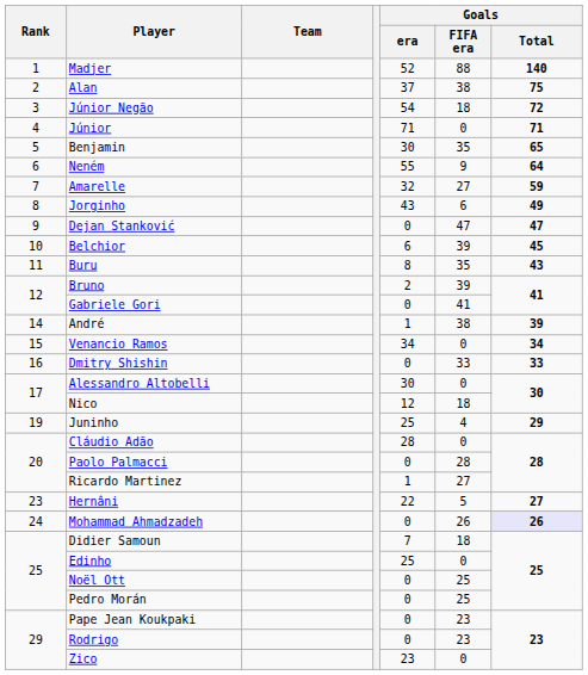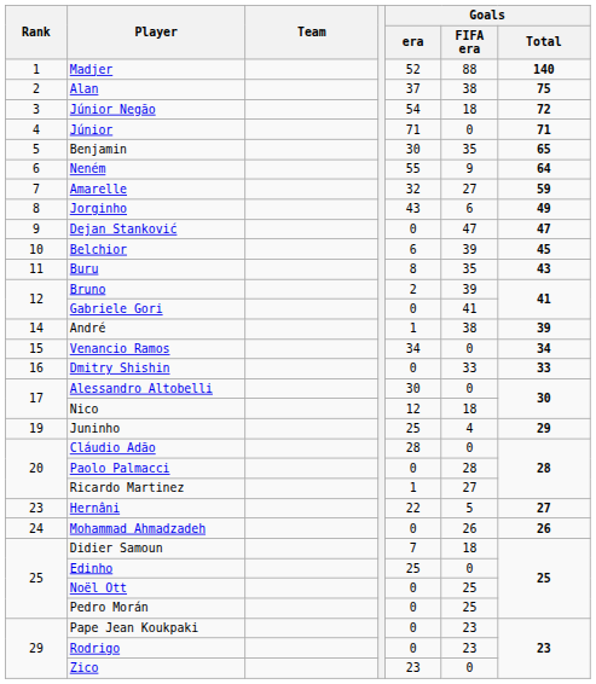 <table class="wikitable" style="text-align:center; font-size: 90%;">
 <tr>
 <th rowspan=2 width=55>Rank</th>
 <th rowspan=2 width=170>Player</th>
 <th rowspan=2 width=125>Team</th>
 <th rowspan=50 width=1></th>
 <th colspan=3>Goals</th>
 </tr>
 <tr>
 <th width=50> era</th>
 <th width=50>FIFA era</th>
 <th width=85>Total</th>
 </tr>
 <tr>
 <td>1</td>
 <td style="text-align:left"><a href='#'>Madjer</a></td>
 <td style="text-align:left"></td>
 <td>52</td>
 <td>88</td>
 <td><strong>140</strong></td>
 </tr>
 <tr>
 <td>2</td>
 <td style="text-align:left"><a href='#'>Alan</a></td>
 <td style="text-align:left"></td>
 <td>37</td>
 <td>38</td>
 <td><strong>75</strong></td>
 </tr>
 <tr>
 <td>3</td>
 <td style="text-align:left"><a href='#'>Júnior Negão</a></td>
 <td style="text-align:left"></td>
 <td>54</td>
 <td>18</td>
 <td><strong>72</strong></td>
 </tr>
 <tr>
 <td>4</td>
 <td style="text-align:left"><a href='#'>Júnior</a></td>
 <td style="text-align:left"></td>
 <td>71</td>
 <td>0</td>
 <td><strong>71</strong></td>
 </tr>
 <tr>
 <td>5</td>
 <td style="text-align:left">Benjamin</td>
 <td style="text-align:left"></td>
 <td>30</td>
 <td>35</td>
 <td><strong>65</strong></td>
 </tr>
 <tr>
 <td>6</td>
 <td style="text-align:left"><a href='#'>Neném</a></td>
 <td style="text-align:left"></td>
 <td>55</td>
 <td>9</td>
 <td><strong>64</strong></td>
 </tr>
 <tr>
 <td>7</td>
 <td style="text-align:left"><a href='#'>Amarelle</a></td>
 <td style="text-align:left"></td>
 <td>32</td>
 <td>27</td>
 <td><strong>59</strong></td>
 </tr>
 <tr>
 <td>8</td>
 <td style="text-align:left"><a href='#'>Jorginho</a></td>
 <td style="text-align:left"></td>
 <td>43</td>
 <td>6</td>
 <td><strong>49</strong></td>
 </tr>
 <tr>
 <td>9</td>
 <td style="text-align:left"><a href='#'>Dejan Stanković</a></td>
 <td style="text-align:left"></td>
 <td>0</td>
 <td>47</td>
 <td><strong>47</strong></td>
 </tr>
 <tr>
 <td>10</td>
 <td style="text-align:left"><a href='#'>Belchior</a></td>
 <td style="text-align:left"></td>
 <td>6</td>
 <td>39</td>
 <td><strong>45</strong></td>
 </tr>
 <tr>
 <td>11</td>
 <td style="text-align:left"><a href='#'>Buru</a></td>
 <td style="text-align:left"></td>
 <td>8</td>
 <td>35</td>
 <td><strong>43</strong></td>
 </tr>
 <tr>
 <td rowspan=2>12</td>
 <td style="text-align:left"><a href='#'>Bruno</a></td>
 <td style="text-align:left"></td>
 <td>2</td>
 <td>39</td>
 <td rowspan=2><strong>41</strong></td>
 </tr>
 <tr>
 <td style="text-align:left"><a href='#'>Gabriele Gori</a></td>
 <td style="text-align:left"></td>
 <td>0</td>
 <td>41</td>
 </tr>
 <tr>
 <td>14</td>
 <td style="text-align:left">André</td>
 <td style="text-align:left"></td>
 <td>1</td>
 <td>38</td>
 <td><strong>39</strong></td>
 </tr>
 <tr>
 <td>15</td>
 <td style="text-align:left"><a href='#'>Venancio Ramos</a></td>
 <td style="text-align:left"></td>
 <td>34</td>
 <td>0</td>
 <td><strong>34</strong></td>
 </tr>
 <tr>
 <td>16</td>
 <td style="text-align:left"><a href='#'>Dmitry Shishin</a></td>
 <td style="text-align:left"></td>
 <td>0</td>
 <td>33</td>
 <td><strong>33</strong></td>
 </tr>
 <tr>
 <td rowspan=2>17</td>
 <td style="text-align:left"><a href='#'>Alessandro Altobelli</a></td>
 <td style="text-align:left"></td>
 <td>30</td>
 <td>0</td>
 <td rowspan=2><strong>30</strong></td>
 </tr>
 <tr>
 <td style="text-align:left">Nico</td>
 <td style="text-align:left"></td>
 <td>12</td>
 <td>18</td>
 </tr>
 <tr>
 <td>19</td>
 <td style="text-align:left">Juninho</td>
 <td style="text-align:left"></td>
 <td>25</td>
 <td>4</td>
 <td><strong>29</strong></td>
 </tr>
 <tr>
 <td rowspan=3>20</td>
 <td style="text-align:left"><a href='#'>Cláudio Adão</a></td>
 <td style="text-align:left"></td>
 <td>28</td>
 <td>0</td>
 <td rowspan=3><strong>28</strong></td>
 </tr>
 <tr>
 <td style="text-align:left"><a href='#'>Paolo Palmacci</a></td>
 <td style="text-align:left"></td>
 <td>0</td>
 <td>28</td>
 </tr>
 <tr>
 <td style="text-align:left">Ricardo Martinez</td>
 <td style="text-align:left"></td>
 <td>1</td>
 <td>27</td>
 </tr>
 <tr>
 <td>23</td>
 <td style="text-align:left"><a href='#'>Hernâni</a></td>
 <td style="text-align:left"></td>
 <td>22</td>
 <td>5</td>
 <td><strong>27</strong></td>
 </tr>
 <tr>
 <td>24</td>
 <td style="text-align:left"><a href='#'>Mohammad Ahmadzadeh</a></td>
 <td style="text-align:left"></td>
 <td>0</td>
 <td>26</td>
-<td style="background: lavender;"><strong>26</strong></td>
+<td><strong>26</strong></td>
 </tr>
 <tr>
 <td rowspan=4>25</td>
 <td style="text-align:left">Didier Samoun</td>
 <td style="text-align:left"></td>
 <td>7</td>
 <td>18</td>
 <td rowspan=4><strong>25</strong></td>
 </tr>
 <tr>
 <td style="text-align:left"><a href='#'>Edinho</a></td>
 <td style="text-align:left"></td>
 <td>25</td>
 <td>0</td>
 </tr>
 <tr>
 <td style="text-align:left"><a href='#'>Noël Ott</a></td>
 <td style="text-align:left"></td>
 <td>0</td>
 <td>25</td>
 </tr>
 <tr>
 <td style="text-align:left">Pedro Morán</td>
 <td style="text-align:left"></td>
 <td>0</td>
 <td>25</td>
 </tr>
 <tr>
 <td rowspan=3>29</td>
 <td style="text-align:left">Pape Jean Koukpaki</td>
 <td style="text-align:left"></td>
 <td>0</td>
 <td>23</td>
 <td rowspan=3><strong>23</strong></td>
 </tr>
 <tr>
 <td style="text-align:left"><a href='#'>Rodrigo</a></td>
 <td style="text-align:left"></td>
 <td>0</td>
 <td>23</td>
 </tr>
 <tr>
 <td style="text-align:left"><a href='#'>Zico</a></td>
 <td style="text-align:left"></td>
 <td>23</td>
 <td>0</td>
 </tr>
 </table>
